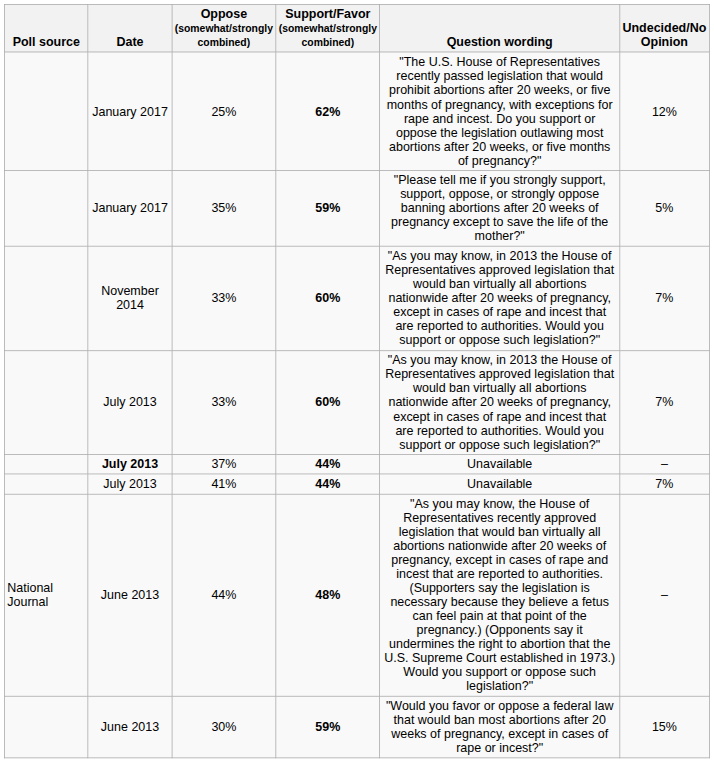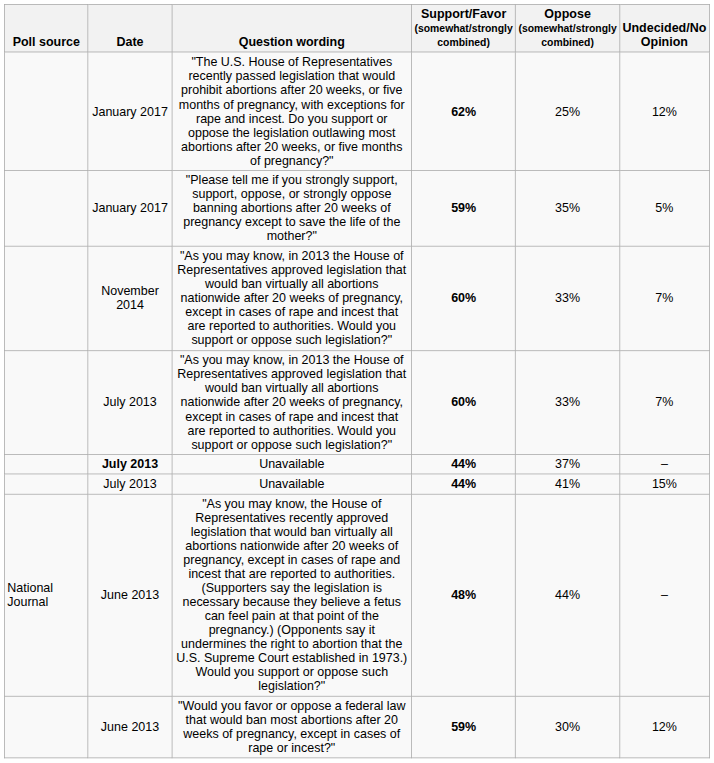 <table class="wikitable">
 <tr valign= bottom>
 <th style="width:100px;">Poll source</th>
 <th style="width:100px;">Date</th>
+<th style="width:300px;">Question wording</th>
+<th style="width:60px;">Support/Favor<br><small>(somewhat/strongly combined)</small></th>
 <th style="width:60px;">Oppose<br><small>(somewhat/strongly combined)</small></th>
-<th style="width:60px;">Support/Favor<br><small>(somewhat/strongly combined)</small></th>
-<th style="width:300px;">Question wording</th>
 <th style="width:40px;">Undecided/No Opinion</th>
 </tr>
 <tr>
 <td></td>
 <td align=center>January 2017</td>
+<td align=center>"The U.S. House of Representatives recently passed legislation that would prohibit abortions after 20 weeks, or five months of pregnancy, with exceptions for rape and incest. Do you support or oppose the legislation outlawing most abortions after 20 weeks, or five months of pregnancy?"</td>
+<td align=center><strong>62%</strong></td>
 <td align=center>25%</td>
-<td align=center><strong>62%</strong></td>
-<td align=center>"The U.S. House of Representatives recently passed legislation that would prohibit abortions after 20 weeks, or five months of pregnancy, with exceptions for rape and incest. Do you support or oppose the legislation outlawing most abortions after 20 weeks, or five months of pregnancy?"</td>
 <td align=center>12%</td>
 </tr>
 <tr>
 <td></td>
 <td align=center>January 2017</td>
+<td align=center>"Please tell me if you strongly support, support, oppose, or strongly oppose banning abortions after 20 weeks of pregnancy except to save the life of the mother?"</td>
+<td align=center><strong>59%</strong></td>
 <td align=center>35%</td>
-<td align=center><strong>59%</strong></td>
-<td align=center>"Please tell me if you strongly support, support, oppose, or strongly oppose banning abortions after 20 weeks of pregnancy except to save the life of the mother?"</td>
 <td align=center>5%</td>
 </tr>
 <tr>
 <td></td>
 <td align=center>November 2014</td>
+<td align=center>"As you may know, in 2013 the House of Representatives approved legislation that would ban virtually all abortions nationwide after 20 weeks of pregnancy, except in cases of rape and incest that are reported to authorities. Would you support or oppose such legislation?"</td>
+<td align=center><strong>60%</strong></td>
 <td align=center>33%</td>
-<td align=center><strong>60%</strong></td>
-<td align=center>"As you may know, in 2013 the House of Representatives approved legislation that would ban virtually all abortions nationwide after 20 weeks of pregnancy, except in cases of rape and incest that are reported to authorities. Would you support or oppose such legislation?"</td>
 <td align=center>7%</td>
 </tr>
 <tr>
 <td></td>
 <td align=center>July 2013</td>
+<td align=center>"As you may know, in 2013 the House of Representatives approved legislation that would ban virtually all abortions nationwide after 20 weeks of pregnancy, except in cases of rape and incest that are reported to authorities. Would you support or oppose such legislation?"</td>
+<td align=center><strong>60%</strong></td>
 <td align=center>33%</td>
-<td align=center><strong>60%</strong></td>
-<td align=center>"As you may know, in 2013 the House of Representatives approved legislation that would ban virtually all abortions nationwide after 20 weeks of pregnancy, except in cases of rape and incest that are reported to authorities. Would you support or oppose such legislation?"</td>
 <td align=center>7%</td>
 </tr>
 <tr>
 <td></td>
 <td align=center><strong>July 2013</strong></td>
+<td align=center>Unavailable</td>
+<td align=center><strong>44%</strong></td>
 <td align=center>37%</td>
-<td align=center><strong>44%</strong></td>
-<td align=center>Unavailable</td>
 <td align=center>–</td>
 </tr>
 <tr>
 <td></td>
 <td align=center>July 2013</td>
+<td align=center>Unavailable</td>
+<td align=center><strong>44%</strong></td>
 <td align=center>41%</td>
-<td align=center><strong>44%</strong></td>
-<td align=center>Unavailable</td>
-<td align=center>7%</td>
+<td align=center>15%</td>
 </tr>
 <tr>
 <td>National Journal</td>
 <td align=center>June 2013</td>
+<td align=center>"As you may know, the House of Representatives recently approved legislation that would ban virtually all abortions nationwide after 20 weeks of pregnancy, except in cases of rape and incest that are reported to authorities. (Supporters say the legislation is necessary because they believe a fetus can feel pain at that point of the pregnancy.) (Opponents say it undermines the right to abortion that the U.S. Supreme Court established in 1973.) Would you support or oppose such legislation?"</td>
+<td align=center><strong>48%</strong></td>
 <td align=center>44%</td>
-<td align=center><strong>48%</strong></td>
-<td align=center>"As you may know, the House of Representatives recently approved legislation that would ban virtually all abortions nationwide after 20 weeks of pregnancy, except in cases of rape and incest that are reported to authorities. (Supporters say the legislation is necessary because they believe a fetus can feel pain at that point of the pregnancy.) (Opponents say it undermines the right to abortion that the U.S. Supreme Court established in 1973.) Would you support or oppose such legislation?"</td>
 <td align=center>–</td>
 </tr>
 <tr>
 <td></td>
 <td align=center>June 2013</td>
+<td align=center>"Would you favor or oppose a federal law that would ban most abortions after 20 weeks of pregnancy, except in cases of rape or incest?"</td>
+<td align=center><strong>59%</strong></td>
 <td align=center>30%</td>
-<td align=center><strong>59%</strong></td>
-<td align=center>"Would you favor or oppose a federal law that would ban most abortions after 20 weeks of pregnancy, except in cases of rape or incest?"</td>
-<td align=center>15%</td>
+<td align=center>12%</td>
 </tr>
 </table>
